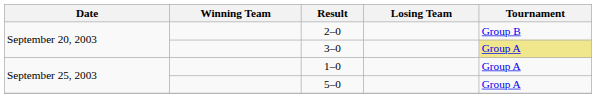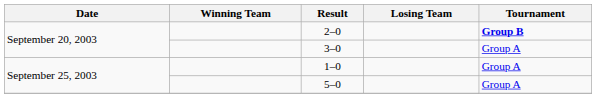 <table class="wikitable" style="text-align:left; width:95%;" style="text-align:center">
 <tr>
 <th style="text-align:center; ">Date</th>
 <th style="text-align:center; ">Winning Team</th>
 <th style="text-align:center; ">Result</th>
 <th style="text-align:center; ">Losing Team</th>
 <th style="text-align:center; ">Tournament</th>
 </tr>
 <tr>
 <td rowspan = "2">September 20, 2003</td>
 <td><strong></strong></td>
 <td style="text-align:center;">2–0</td>
 <td></td>
-<td><a href='#'>Group B</a></td>
+<td><strong><a href='#'>Group B</a></strong></td>
 </tr>
 <tr>
 <td><strong></strong></td>
 <td style="text-align:center;">3–0</td>
 <td></td>
-<td style="background: khaki;"><a href='#'>Group A</a></td>
+<td><a href='#'>Group A</a></td>
 </tr>
 <tr>
 <td rowspan = "2">September 25, 2003</td>
 <td><strong></strong></td>
 <td style="text-align:center;">1–0</td>
 <td></td>
 <td><a href='#'>Group A</a></td>
 </tr>
 <tr>
 <td><strong></strong></td>
 <td style="text-align:center;">5–0</td>
 <td></td>
 <td><a href='#'>Group A</a></td>
 </tr>
 <tr>
 </tr>
 </table>
